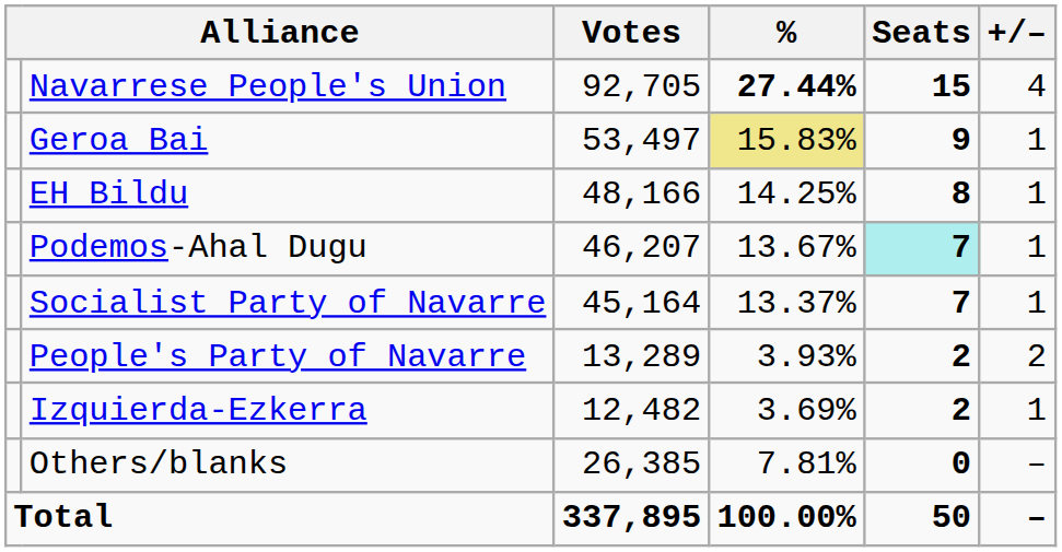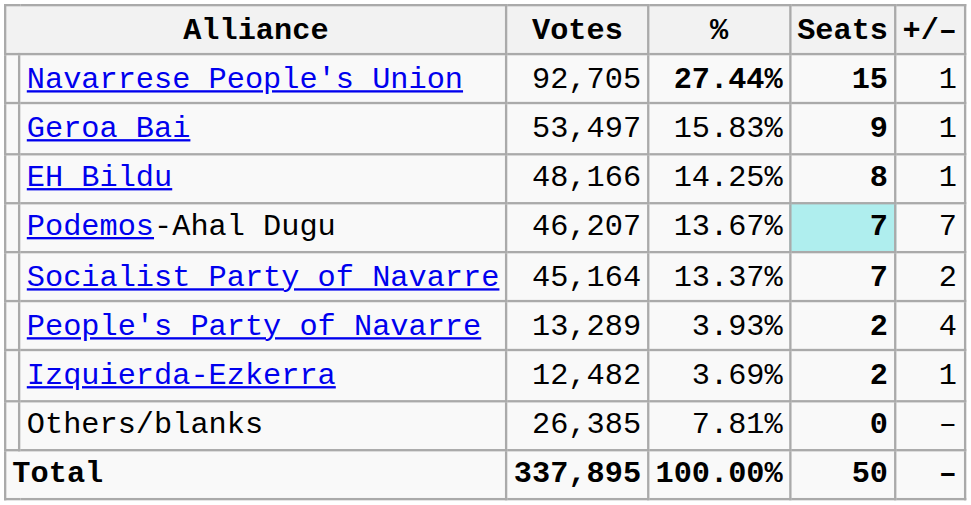 <table class="wikitable" style="font-size:100%; text-align:right;">
 <tr>
 <th colspan=2>Alliance</th>
 <th>Votes</th>
 <th>%</th>
 <th>Seats</th>
 <th>+/–</th>
 </tr>
 <tr>
 <td style="background:"></td>
 <td align=left><a href='#'>Navarrese People's Union</a></td>
 <td>92,705</td>
 <td><strong>27.44%</strong></td>
 <td><strong>15</strong></td>
-<td>4</td>
+<td>1</td>
 </tr>
 <tr>
 <td style="background:"></td>
 <td align=left><a href='#'>Geroa Bai</a></td>
 <td>53,497</td>
-<td style="background: khaki;">15.83%</td>
+<td>15.83%</td>
 <td><strong>9</strong></td>
 <td>1</td>
 </tr>
 <tr>
 <td style="background:"></td>
 <td align=left><a href='#'>EH Bildu</a></td>
 <td>48,166</td>
 <td>14.25%</td>
 <td><strong>8</strong></td>
 <td>1</td>
 </tr>
 <tr>
 <td style="background:"></td>
 <td align=left><a href='#'>Podemos</a>-Ahal Dugu</td>
 <td>46,207</td>
 <td>13.67%</td>
 <td style="background: paleturquoise;"><strong>7</strong></td>
-<td>1</td>
+<td>7</td>
 </tr>
 <tr>
 <td style="background:"></td>
 <td align=left><a href='#'>Socialist Party of Navarre</a></td>
 <td>45,164</td>
 <td>13.37%</td>
 <td><strong>7</strong></td>
-<td>1</td>
+<td>2</td>
 </tr>
 <tr>
 <td style="background:"></td>
 <td align=left><a href='#'>People's Party of Navarre</a></td>
 <td>13,289</td>
 <td>3.93%</td>
 <td><strong>2</strong></td>
-<td>2</td>
+<td>4</td>
 </tr>
 <tr>
 <td style="background:"></td>
 <td align=left><a href='#'>Izquierda-Ezkerra</a></td>
 <td>12,482</td>
 <td>3.69%</td>
 <td><strong>2</strong></td>
 <td>1</td>
 </tr>
 <tr>
 <td></td>
 <td align=left>Others/blanks</td>
 <td>26,385</td>
 <td>7.81%</td>
 <td><strong>0</strong></td>
 <td>–</td>
 </tr>
 <tr style="font-weight:bold">
 <td colspan=2 align=left>Total</td>
 <td>337,895</td>
 <td>100.00%</td>
 <td>50</td>
 <td>–</td>
 </tr>
 </table>
